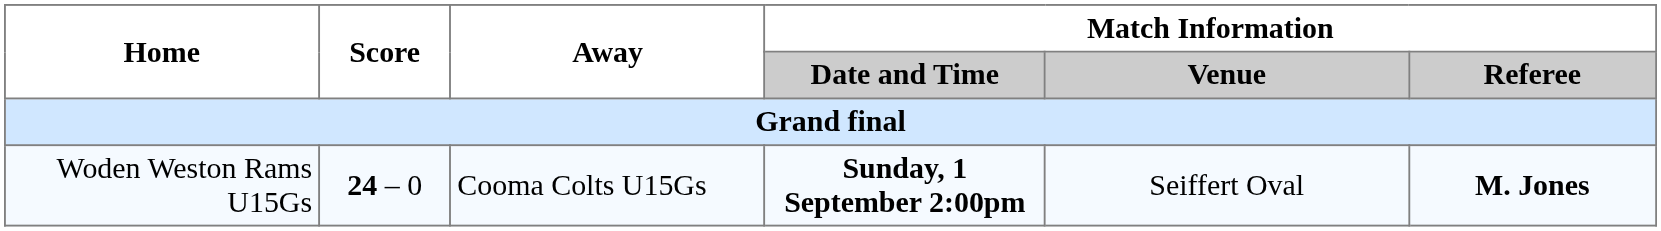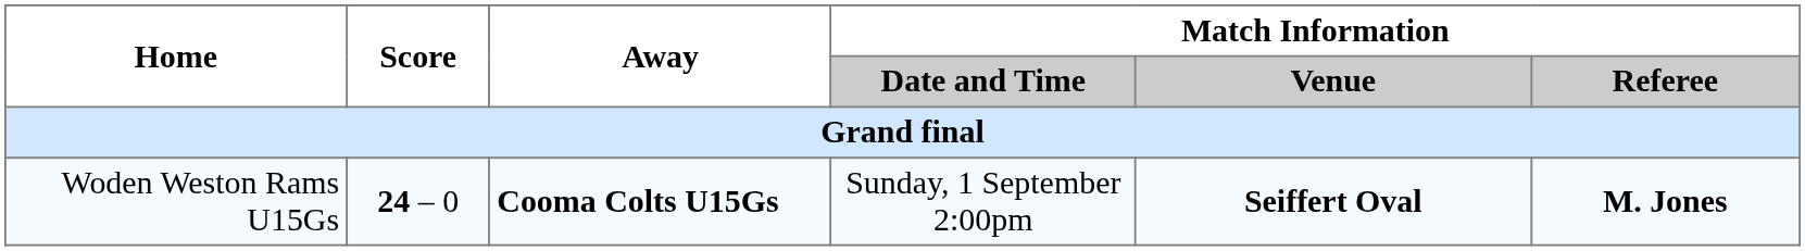 <table border="1" cellpadding="3" cellspacing="0" width="100%" style="border-collapse:collapse;  text-align:center;">
 <tr>
 <th rowspan="2" width="19%">Home</th>
 <th rowspan="2" width="8%">Score</th>
 <th rowspan="2" width="19%">Away</th>
 <th colspan="3">Match Information</th>
 </tr>
 <tr bgcolor="#CCCCCC">
 <th width="17%">Date and Time</th>
 <th width="22%">Venue</th>
 <th width="50%">Referee</th>
 </tr>
 <tr style="background:#d0e7ff;">
 <td colspan="6"><strong>Grand final</strong></td>
 </tr>
 <tr style="text-align:center; background:#f5faff;">
 <td align="right">Woden Weston Rams U15Gs </td>
 <td><strong>24</strong> – 0</td>
-<td align="left"> Cooma Colts U15Gs</td>
-<td><strong>Sunday, 1 September 2:00pm</strong></td>
-<td>Seiffert Oval</td>
+<td align="left"><strong> Cooma Colts U15Gs</strong></td>
+<td>Sunday, 1 September 2:00pm</td>
+<td><strong>Seiffert Oval</strong></td>
 <td><strong>M. Jones</strong></td>
 </tr>
 </table>
